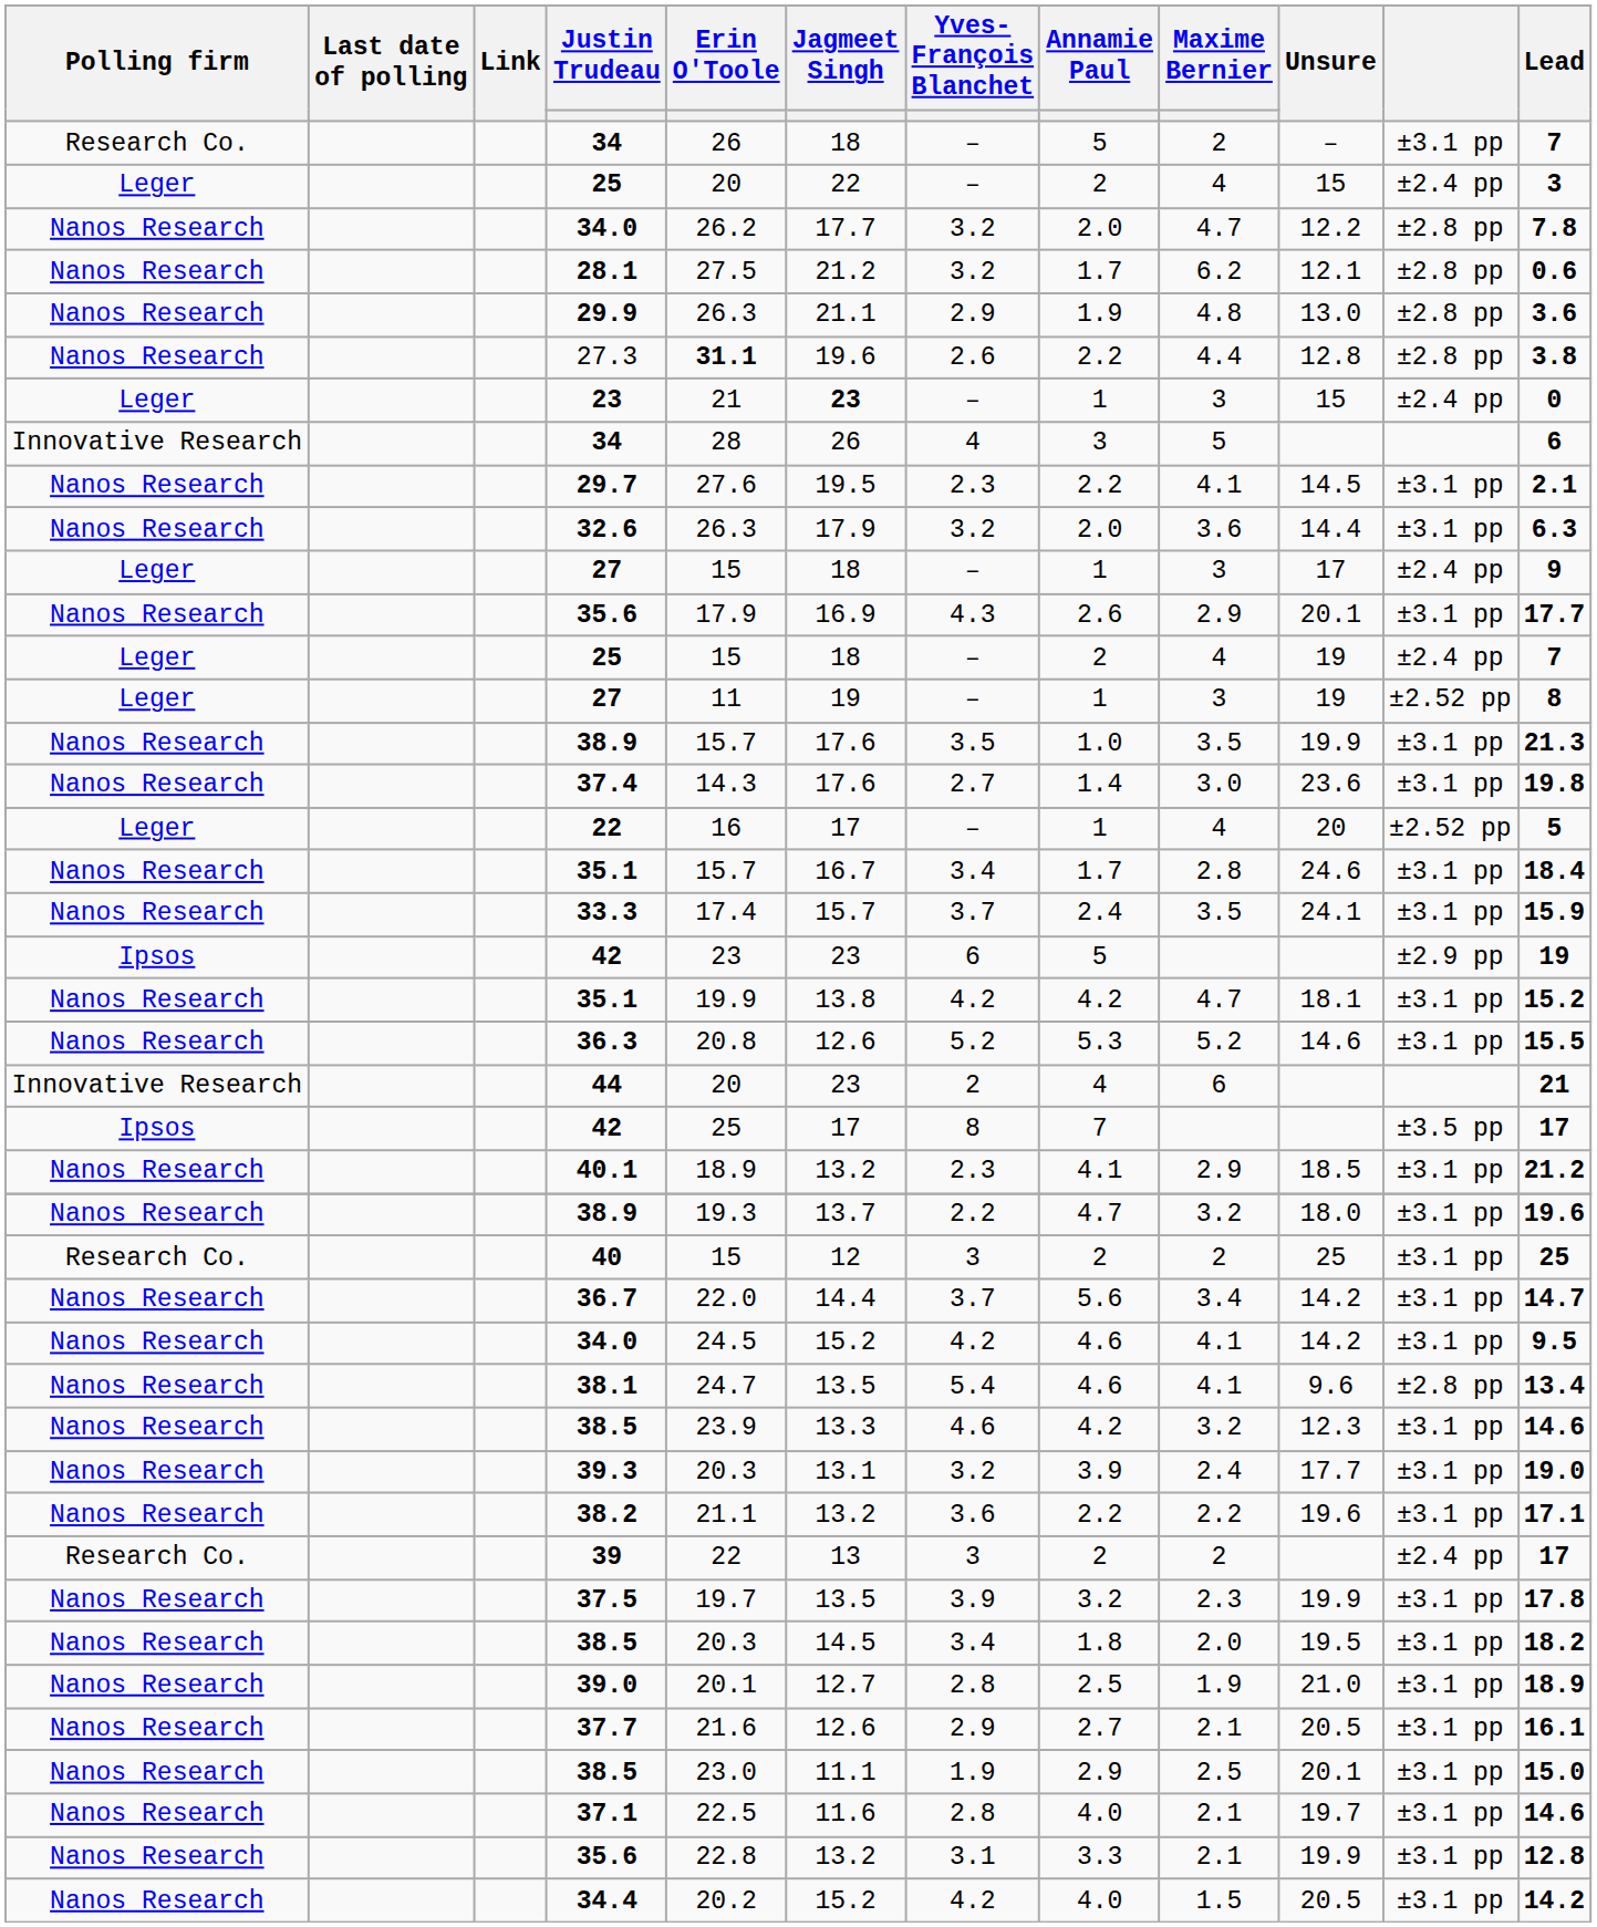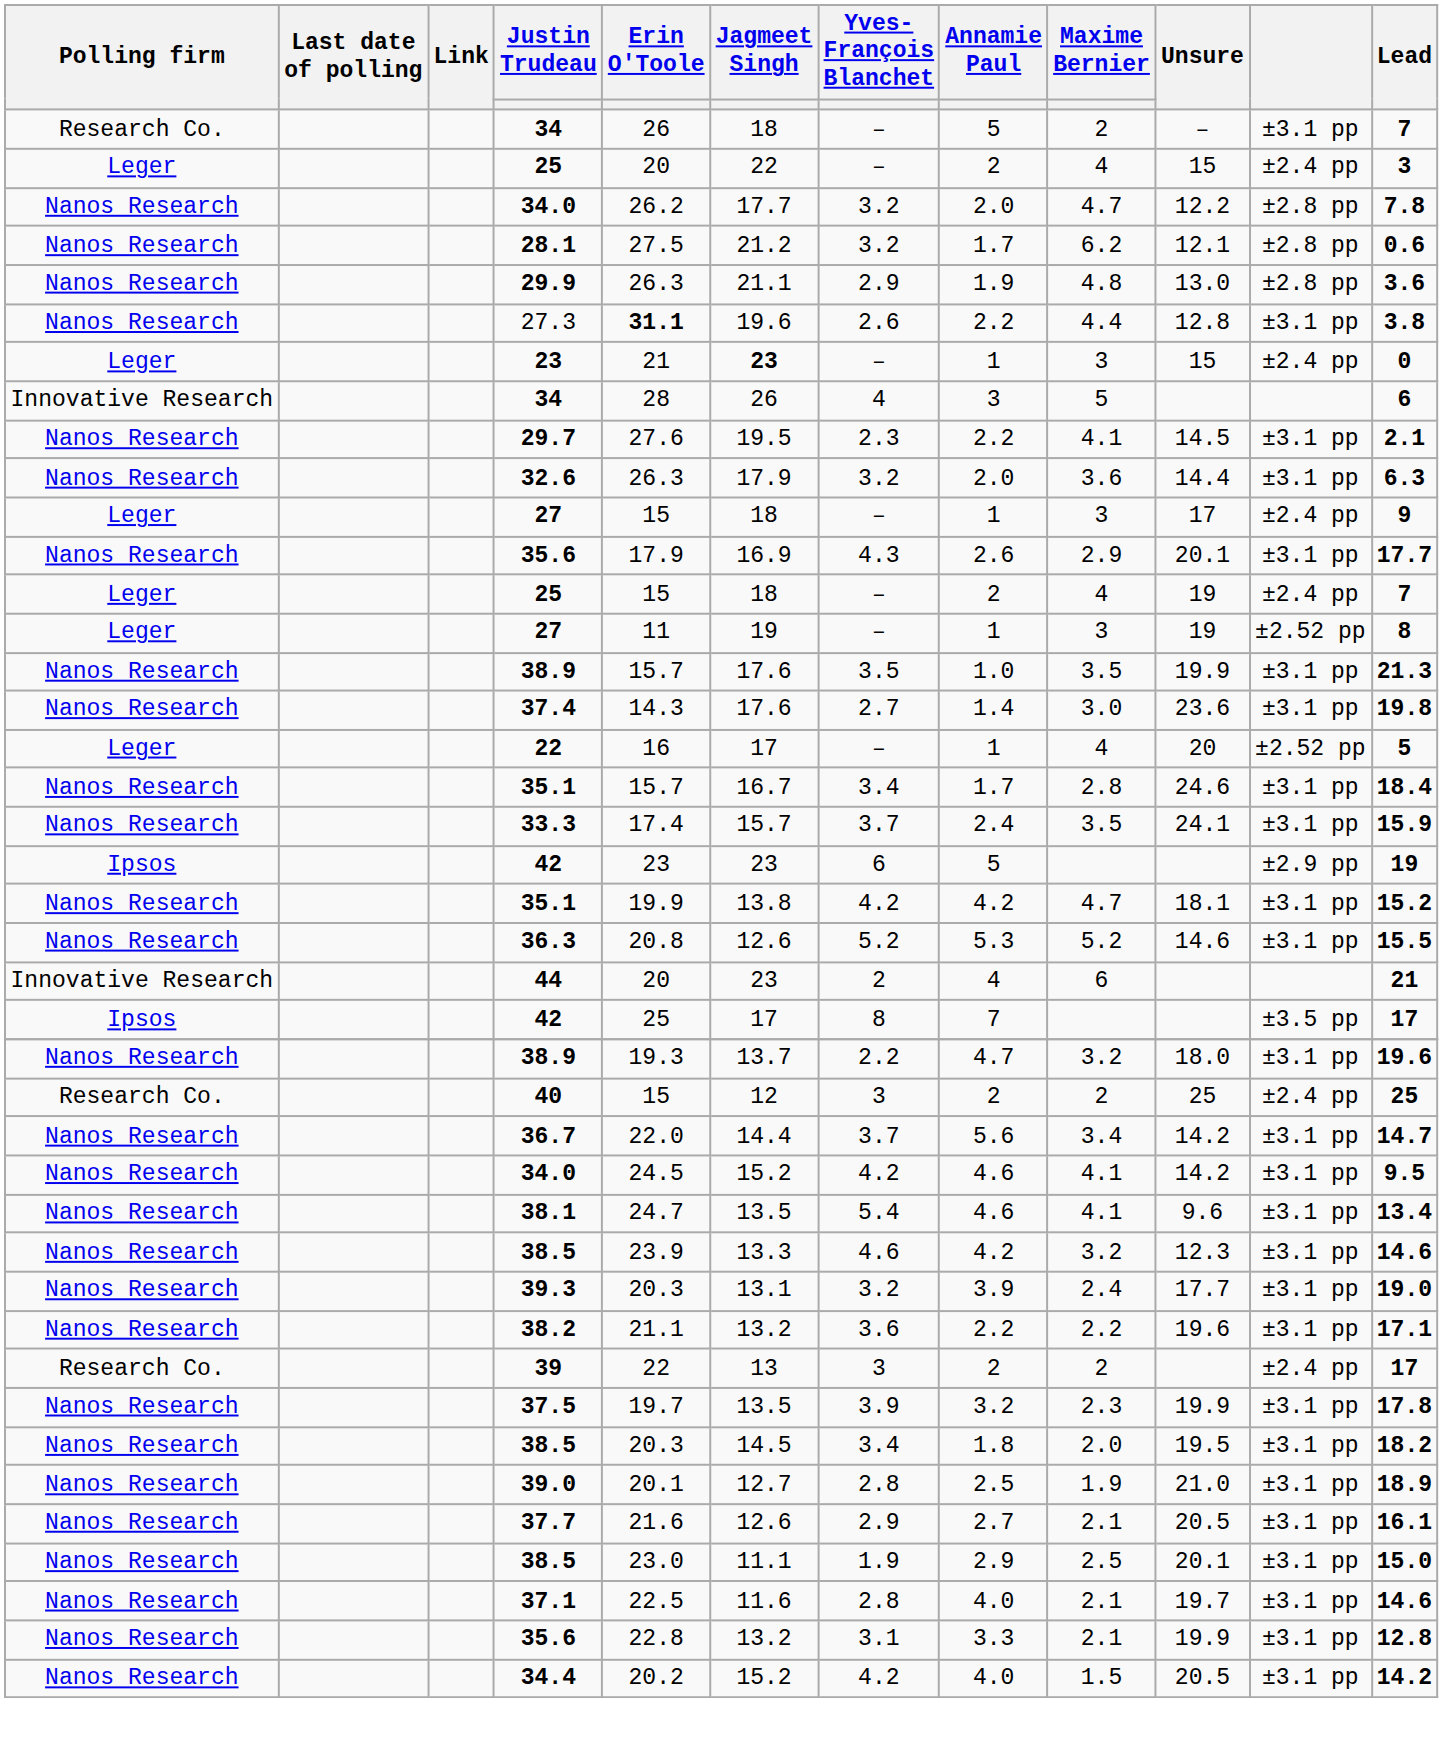 <table class="wikitable sortable mw-datatable" style="text-align:center;font-size:90%;line-height:14px;">
 <tr>
 <th rowspan="2">Polling firm</th>
 <th rowspan="2">Last date<br>of polling</th>
 <th rowspan="2">Link</th>
 <th class="unsortable" style="width:40px;"><a href='#'>Justin Trudeau</a></th>
 <th class="unsortable" style="width:40px;"><a href='#'>Erin O'Toole</a></th>
 <th class="unsortable" style="width:40px;"><a href='#'>Jagmeet Singh</a></th>
 <th class="unsortable" style="width:40px;"><a href='#'>Yves-François Blanchet</a></th>
 <th class="unsortable" style="width:40px;"><a href='#'>Annamie Paul</a></th>
 <th class="unsortable" style="width:40px;"><a href='#'>Maxime Bernier</a></th>
 <th rowspan="2">Unsure</th>
 <th rowspan="2"></th>
 <th rowspan="2">Lead</th>
 </tr>
 <tr style="background:#e9e9e9;">
 <th class="unsortable" style="background-color:"></th>
 <th class="unsortable" style="background-color:"></th>
 <th class="unsortable" style="background-color:"></th>
 <th class="unsortable" style="background-color:"></th>
 <th class="unsortable" style="background-color:"></th>
 <th class="unsortable" style="background-color:"></th>
 </tr>
 <tr>
 <td>Research Co.</td>
 <td></td>
 <td></td>
 <td><strong>34</strong></td>
 <td>26</td>
 <td>18</td>
 <td>–</td>
 <td>5</td>
 <td>2</td>
 <td>–</td>
 <td>±3.1 pp</td>
 <td><strong>7</strong></td>
 </tr>
 <tr>
 <td><a href='#'>Leger</a></td>
 <td></td>
 <td></td>
 <td><strong>25</strong></td>
 <td>20</td>
 <td>22</td>
 <td>–</td>
 <td>2</td>
 <td>4</td>
 <td>15</td>
 <td>±2.4 pp</td>
 <td><strong>3</strong></td>
 </tr>
 <tr>
 <td><a href='#'>Nanos Research</a></td>
 <td></td>
 <td></td>
 <td><strong>34.0</strong></td>
 <td>26.2</td>
 <td>17.7</td>
 <td>3.2</td>
 <td>2.0</td>
 <td>4.7</td>
 <td>12.2</td>
 <td>±2.8 pp</td>
 <td><strong>7.8</strong></td>
 </tr>
 <tr>
 <td><a href='#'>Nanos Research</a></td>
 <td></td>
 <td></td>
 <td><strong>28.1</strong></td>
 <td>27.5</td>
 <td>21.2</td>
 <td>3.2</td>
 <td>1.7</td>
 <td>6.2</td>
 <td>12.1</td>
 <td>±2.8 pp</td>
 <td><strong>0.6</strong></td>
 </tr>
 <tr>
 <td><a href='#'>Nanos Research</a></td>
 <td></td>
 <td></td>
 <td><strong>29.9</strong></td>
 <td>26.3</td>
 <td>21.1</td>
 <td>2.9</td>
 <td>1.9</td>
 <td>4.8</td>
 <td>13.0</td>
 <td>±2.8 pp</td>
 <td><strong>3.6</strong></td>
 </tr>
 <tr>
 <td><a href='#'>Nanos Research</a></td>
 <td></td>
 <td></td>
 <td>27.3</td>
 <td><strong>31.1</strong></td>
 <td>19.6</td>
 <td>2.6</td>
 <td>2.2</td>
 <td>4.4</td>
 <td>12.8</td>
-<td>±2.8 pp</td>
+<td>±3.1 pp</td>
 <td><strong>3.8</strong></td>
 </tr>
 <tr>
 <td><a href='#'>Leger</a></td>
 <td></td>
 <td></td>
 <td><strong>23</strong></td>
 <td>21</td>
 <td><strong>23</strong></td>
 <td>–</td>
 <td>1</td>
 <td>3</td>
 <td>15</td>
 <td>±2.4 pp</td>
 <td data-sort-value="0"><strong>0</strong></td>
 </tr>
 <tr>
 <td>Innovative Research</td>
 <td></td>
 <td></td>
 <td><strong>34</strong></td>
 <td>28</td>
 <td>26</td>
 <td>4</td>
 <td>3</td>
 <td>5</td>
 <td></td>
 <td></td>
 <td><strong>6</strong></td>
 </tr>
 <tr>
 <td><a href='#'>Nanos Research</a></td>
 <td></td>
 <td></td>
 <td><strong>29.7</strong></td>
 <td>27.6</td>
 <td>19.5</td>
 <td>2.3</td>
 <td>2.2</td>
 <td>4.1</td>
 <td>14.5</td>
 <td>±3.1 pp</td>
 <td><strong>2.1</strong></td>
 </tr>
 <tr>
 <td><a href='#'>Nanos Research</a></td>
 <td></td>
 <td></td>
 <td><strong>32.6</strong></td>
 <td>26.3</td>
 <td>17.9</td>
 <td>3.2</td>
 <td>2.0</td>
 <td>3.6</td>
 <td>14.4</td>
 <td>±3.1 pp</td>
 <td><strong>6.3</strong></td>
 </tr>
 <tr>
 <td><a href='#'>Leger</a></td>
 <td></td>
 <td></td>
 <td><strong>27</strong></td>
 <td>15</td>
 <td>18</td>
 <td>–</td>
 <td>1</td>
 <td>3</td>
 <td>17</td>
 <td>±2.4 pp</td>
 <td><strong>9</strong></td>
 </tr>
 <tr>
 <td><a href='#'>Nanos Research</a></td>
 <td></td>
 <td></td>
 <td><strong>35.6</strong></td>
 <td>17.9</td>
 <td>16.9</td>
 <td>4.3</td>
 <td>2.6</td>
 <td>2.9</td>
 <td>20.1</td>
 <td>±3.1 pp</td>
 <td><strong>17.7</strong></td>
 </tr>
 <tr>
 <td><a href='#'>Leger</a></td>
 <td></td>
 <td></td>
 <td><strong>25</strong></td>
 <td>15</td>
 <td>18</td>
 <td>–</td>
 <td>2</td>
 <td>4</td>
 <td>19</td>
 <td>±2.4 pp</td>
 <td><strong>7</strong></td>
 </tr>
 <tr>
 <td><a href='#'>Leger</a></td>
 <td></td>
 <td></td>
 <td><strong>27</strong></td>
 <td>11</td>
 <td>19</td>
 <td>–</td>
 <td>1</td>
 <td>3</td>
 <td>19</td>
 <td>±2.52 pp</td>
 <td><strong>8</strong></td>
 </tr>
 <tr>
 <td><a href='#'>Nanos Research</a></td>
 <td></td>
 <td></td>
 <td><strong>38.9</strong></td>
 <td>15.7</td>
 <td>17.6</td>
 <td>3.5</td>
 <td>1.0</td>
 <td>3.5</td>
 <td>19.9</td>
 <td>±3.1 pp</td>
 <td><strong>21.3</strong></td>
 </tr>
 <tr>
 <td><a href='#'>Nanos Research</a></td>
 <td></td>
 <td></td>
 <td><strong>37.4</strong></td>
 <td>14.3</td>
 <td>17.6</td>
 <td>2.7</td>
 <td>1.4</td>
 <td>3.0</td>
 <td>23.6</td>
 <td>±3.1 pp</td>
 <td><strong>19.8</strong></td>
 </tr>
 <tr>
 <td><a href='#'>Leger</a></td>
 <td></td>
 <td></td>
 <td><strong>22</strong></td>
 <td>16</td>
 <td>17</td>
 <td>–</td>
 <td>1</td>
 <td>4</td>
 <td>20</td>
 <td>±2.52 pp</td>
 <td><strong>5</strong></td>
 </tr>
 <tr>
 <td><a href='#'>Nanos Research</a></td>
 <td></td>
 <td></td>
 <td><strong>35.1</strong></td>
 <td>15.7</td>
 <td>16.7</td>
 <td>3.4</td>
 <td>1.7</td>
 <td>2.8</td>
 <td>24.6</td>
 <td>±3.1 pp</td>
 <td><strong>18.4</strong></td>
 </tr>
 <tr>
 <td><a href='#'>Nanos Research</a></td>
 <td></td>
 <td></td>
 <td><strong>33.3</strong></td>
 <td>17.4</td>
 <td>15.7</td>
 <td>3.7</td>
 <td>2.4</td>
 <td>3.5</td>
 <td>24.1</td>
 <td>±3.1 pp</td>
 <td><strong>15.9</strong></td>
 </tr>
 <tr>
 <td><a href='#'>Ipsos</a></td>
 <td></td>
 <td></td>
 <td><strong>42</strong></td>
 <td>23</td>
 <td>23</td>
 <td>6</td>
 <td>5</td>
 <td></td>
 <td></td>
 <td>±2.9 pp</td>
 <td><strong>19</strong></td>
 </tr>
 <tr>
 <td><a href='#'>Nanos Research</a></td>
 <td></td>
 <td></td>
 <td><strong>35.1</strong></td>
 <td>19.9</td>
 <td>13.8</td>
 <td>4.2</td>
 <td>4.2</td>
 <td>4.7</td>
 <td>18.1</td>
 <td>±3.1 pp</td>
 <td><strong>15.2</strong></td>
 </tr>
 <tr>
 <td><a href='#'>Nanos Research</a></td>
 <td></td>
 <td></td>
 <td><strong>36.3</strong></td>
 <td>20.8</td>
 <td>12.6</td>
 <td>5.2</td>
 <td>5.3</td>
 <td>5.2</td>
 <td>14.6</td>
 <td>±3.1 pp</td>
 <td><strong>15.5</strong></td>
 </tr>
 <tr>
 <td>Innovative Research</td>
 <td></td>
 <td></td>
 <td><strong>44</strong></td>
 <td>20</td>
 <td>23</td>
 <td>2</td>
 <td>4</td>
 <td>6</td>
 <td></td>
 <td></td>
 <td><strong>21</strong></td>
 </tr>
 <tr>
 <td><a href='#'>Ipsos</a></td>
 <td></td>
 <td></td>
 <td><strong>42</strong></td>
 <td>25</td>
 <td>17</td>
 <td>8</td>
 <td>7</td>
 <td></td>
 <td></td>
 <td>±3.5 pp</td>
 <td><strong>17</strong></td>
 </tr>
 <tr>
-<td><a href='#'>Nanos Research</a></td>
-<td></td>
-<td></td>
-<td><strong>40.1</strong></td>
-<td>18.9</td>
-<td>13.2</td>
-<td>2.3</td>
-<td>4.1</td>
-<td>2.9</td>
-<td>18.5</td>
-<td>±3.1 pp</td>
-<td><strong>21.2</strong></td>
-</tr>
-<tr>
 </tr>
 <tr>
 <td><a href='#'>Nanos Research</a></td>
 <td></td>
 <td></td>
 <td><strong>38.9</strong></td>
 <td>19.3</td>
 <td>13.7</td>
 <td>2.2</td>
 <td>4.7</td>
 <td>3.2</td>
 <td>18.0</td>
 <td>±3.1 pp</td>
 <td><strong>19.6</strong></td>
 </tr>
 <tr>
 <td>Research Co.</td>
 <td></td>
 <td></td>
 <td><strong>40</strong></td>
 <td>15</td>
 <td>12</td>
 <td>3</td>
 <td>2</td>
 <td>2</td>
 <td>25</td>
-<td>±3.1 pp</td>
+<td>±2.4 pp</td>
 <td><strong>25</strong></td>
 </tr>
 <tr>
 <td><a href='#'>Nanos Research</a></td>
 <td></td>
 <td></td>
 <td><strong>36.7</strong></td>
 <td>22.0</td>
 <td>14.4</td>
 <td>3.7</td>
 <td>5.6</td>
 <td>3.4</td>
 <td>14.2</td>
 <td>±3.1 pp</td>
 <td><strong>14.7</strong></td>
 </tr>
 <tr>
 <td><a href='#'>Nanos Research</a></td>
 <td></td>
 <td></td>
 <td><strong>34.0</strong></td>
 <td>24.5</td>
 <td>15.2</td>
 <td>4.2</td>
 <td>4.6</td>
 <td>4.1</td>
 <td>14.2</td>
 <td>±3.1 pp</td>
 <td><strong>9.5</strong></td>
 </tr>
 <tr>
 <td><a href='#'>Nanos Research</a></td>
 <td></td>
 <td></td>
 <td><strong>38.1</strong></td>
 <td>24.7</td>
 <td>13.5</td>
 <td>5.4</td>
 <td>4.6</td>
 <td>4.1</td>
 <td>9.6</td>
-<td>±2.8 pp</td>
+<td>±3.1 pp</td>
 <td><strong>13.4</strong></td>
 </tr>
 <tr>
 <td><a href='#'>Nanos Research</a></td>
 <td></td>
 <td></td>
 <td><strong>38.5</strong></td>
 <td>23.9</td>
 <td>13.3</td>
 <td>4.6</td>
 <td>4.2</td>
 <td>3.2</td>
 <td>12.3</td>
 <td>±3.1 pp</td>
 <td><strong>14.6</strong></td>
 </tr>
 <tr>
 <td><a href='#'>Nanos Research</a></td>
 <td></td>
 <td></td>
 <td><strong>39.3</strong></td>
 <td>20.3</td>
 <td>13.1</td>
 <td>3.2</td>
 <td>3.9</td>
 <td>2.4</td>
 <td>17.7</td>
 <td>±3.1 pp</td>
 <td><strong>19.0</strong></td>
 </tr>
 <tr>
 <td><a href='#'>Nanos Research</a></td>
 <td></td>
 <td></td>
 <td><strong>38.2</strong></td>
 <td>21.1</td>
 <td>13.2</td>
 <td>3.6</td>
 <td>2.2</td>
 <td>2.2</td>
 <td>19.6</td>
 <td>±3.1 pp</td>
 <td><strong>17.1</strong></td>
 </tr>
 <tr>
 <td>Research Co.</td>
 <td></td>
 <td></td>
 <td><strong>39</strong></td>
 <td>22</td>
 <td>13</td>
 <td>3</td>
 <td>2</td>
 <td>2</td>
 <td></td>
 <td>±2.4 pp</td>
 <td><strong>17</strong></td>
 </tr>
 <tr>
 <td><a href='#'>Nanos Research</a></td>
 <td></td>
 <td></td>
 <td><strong>37.5</strong></td>
 <td>19.7</td>
 <td>13.5</td>
 <td>3.9</td>
 <td>3.2</td>
 <td>2.3</td>
 <td>19.9</td>
 <td>±3.1 pp</td>
 <td><strong>17.8</strong></td>
 </tr>
 <tr>
 <td><a href='#'>Nanos Research</a></td>
 <td></td>
 <td></td>
 <td><strong>38.5</strong></td>
 <td>20.3</td>
 <td>14.5</td>
 <td>3.4</td>
 <td>1.8</td>
 <td>2.0</td>
 <td>19.5</td>
 <td>±3.1 pp</td>
 <td><strong>18.2</strong></td>
 </tr>
 <tr>
 <td><a href='#'>Nanos Research</a></td>
 <td></td>
 <td></td>
 <td><strong>39.0</strong></td>
 <td>20.1</td>
 <td>12.7</td>
 <td>2.8</td>
 <td>2.5</td>
 <td>1.9</td>
 <td>21.0</td>
 <td>±3.1 pp</td>
 <td><strong>18.9</strong></td>
 </tr>
 <tr>
 <td><a href='#'>Nanos Research</a></td>
 <td></td>
 <td></td>
 <td><strong>37.7</strong></td>
 <td>21.6</td>
 <td>12.6</td>
 <td>2.9</td>
 <td>2.7</td>
 <td>2.1</td>
 <td>20.5</td>
 <td>±3.1 pp</td>
 <td><strong>16.1</strong></td>
 </tr>
 <tr>
 <td><a href='#'>Nanos Research</a></td>
 <td></td>
 <td></td>
 <td><strong>38.5</strong></td>
 <td>23.0</td>
 <td>11.1</td>
 <td>1.9</td>
 <td>2.9</td>
 <td>2.5</td>
 <td>20.1</td>
 <td>±3.1 pp</td>
 <td><strong>15.0</strong></td>
 </tr>
 <tr>
 <td><a href='#'>Nanos Research</a></td>
 <td></td>
 <td></td>
 <td><strong>37.1</strong></td>
 <td>22.5</td>
 <td>11.6</td>
 <td>2.8</td>
 <td>4.0</td>
 <td>2.1</td>
 <td>19.7</td>
 <td>±3.1 pp</td>
 <td><strong>14.6</strong></td>
 </tr>
 <tr>
 <td><a href='#'>Nanos Research</a></td>
 <td></td>
 <td></td>
 <td><strong>35.6</strong></td>
 <td>22.8</td>
 <td>13.2</td>
 <td>3.1</td>
 <td>3.3</td>
 <td>2.1</td>
 <td>19.9</td>
 <td>±3.1 pp</td>
 <td><strong>12.8</strong></td>
 </tr>
 <tr>
 <td><a href='#'>Nanos Research</a></td>
 <td></td>
 <td></td>
 <td><strong>34.4</strong></td>
 <td>20.2</td>
 <td>15.2</td>
 <td>4.2</td>
 <td>4.0</td>
 <td>1.5</td>
 <td>20.5</td>
 <td>±3.1 pp</td>
 <td><strong>14.2</strong></td>
 </tr>
 </table>
